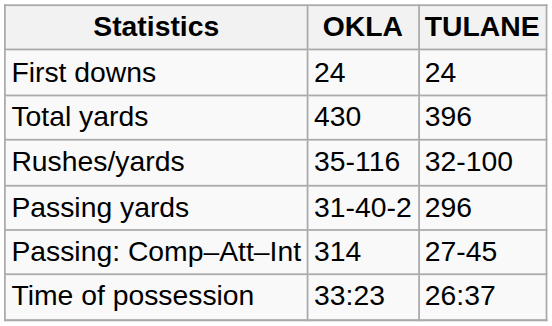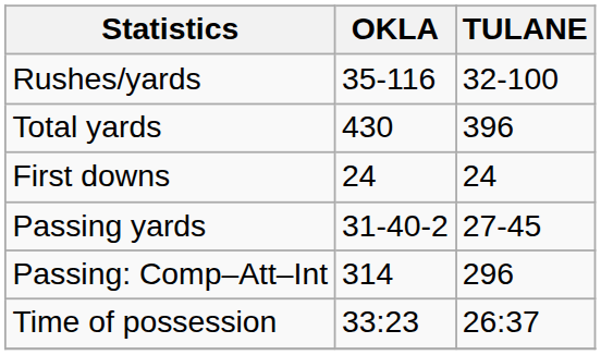 <table class="wikitable" style="float: left;">
 <tr>
 <th>Statistics</th>
 <th>OKLA</th>
 <th>TULANE</th>
 </tr>
 <tr>
-<td>First downs</td>
-<td>24</td>
-<td>24</td>
+<td>Rushes/yards</td>
+<td>35-116</td>
+<td>32-100</td>
 </tr>
 <tr>
 <td>Total yards</td>
 <td>430</td>
 <td>396</td>
 </tr>
 <tr>
-<td>Rushes/yards</td>
-<td>35-116</td>
-<td>32-100</td>
+<td>First downs</td>
+<td>24</td>
+<td>24</td>
 </tr>
 <tr>
 <td>Passing yards</td>
 <td>31-40-2</td>
-<td>296</td>
+<td>27-45</td>
 </tr>
 <tr>
 <td>Passing: Comp–Att–Int</td>
 <td>314</td>
-<td>27-45</td>
+<td>296</td>
 </tr>
 <tr>
 <td>Time of possession</td>
 <td>33:23</td>
 <td>26:37</td>
 </tr>
 <tr>
 </tr>
 </table>
